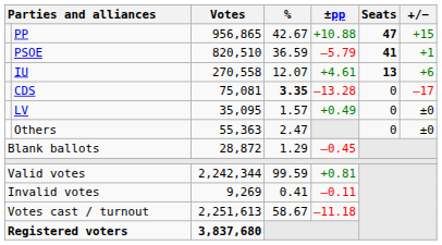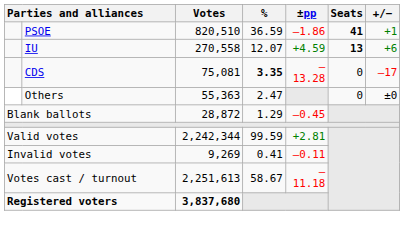 <table class="wikitable" style="text-align:right;">
 <tr>
 <th style="text-align:left;" colspan="2" width="200">Parties and alliances</th>
 <th width="75">Votes</th>
 <th width="45">%</th>
 <th width="45">±<a href='#'>pp</a></th>
 <th width="35">Seats</th>
 <th width="35">+/−</th>
 </tr>
 <tr>
-<td width="1" style="color:inherit;background:"></td>
-<td align="left"><a href='#'>PP</a></td>
-<td>956,865</td>
-<td>42.67</td>
-<td style="color:green;">+10.88</td>
-<td><strong>47</strong></td>
-<td style="color:green;">+15</td>
-</tr>
-<tr>
 <td style="color:inherit;background:"></td>
 <td align="left"><a href='#'>PSOE</a></td>
 <td>820,510</td>
 <td>36.59</td>
-<td style="color:red;">–5.79</td>
+<td style="color:red;">–1.86</td>
 <td><strong>41</strong></td>
 <td style="color:green;">+1</td>
 </tr>
 <tr>
 <td style="color:inherit;background:"></td>
 <td align="left"><a href='#'>IU</a></td>
 <td>270,558</td>
 <td>12.07</td>
-<td style="color:green;">+4.61</td>
+<td style="color:green;">+4.59</td>
 <td><strong>13</strong></td>
 <td style="color:green;">+6</td>
 </tr>
 <tr>
 <td style="color:inherit;background:"></td>
 <td align="left"><a href='#'>CDS</a></td>
 <td>75,081</td>
 <td><strong>3.35</strong></td>
 <td style="color:red;">–13.28</td>
 <td>0</td>
 <td style="color:red;">–17</td>
-</tr>
-<tr>
-<td style="color:inherit;background:"></td>
-<td align="left"><a href='#'>LV</a></td>
-<td>35,095</td>
-<td>1.57</td>
-<td style="color:green;">+0.49</td>
-<td>0</td>
-<td>±0</td>
 </tr>
 <tr>
 <td bgcolor="white"></td>
 <td align="left">Others</td>
 <td>55,363</td>
 <td>2.47</td>
 <td bgcolor="#E9E9E9"></td>
 <td>0</td>
 <td>±0</td>
 </tr>
 <tr>
 <td align="left" colspan="2">Blank ballots</td>
 <td>28,872</td>
 <td>1.29</td>
 <td style="color:red;">–0.45</td>
 <td bgcolor="#E9E9E9" colspan="2"></td>
 </tr>
 <tr>
 <td colspan="7" bgcolor="#E9E9E9"></td>
 </tr>
 <tr>
 <td align="left" colspan="2">Valid votes</td>
 <td>2,242,344</td>
 <td>99.59</td>
-<td style="color:green;">+0.81</td>
+<td style="color:green;">+2.81</td>
 <td bgcolor="#E9E9E9" colspan="2" rowspan="4"></td>
 </tr>
 <tr>
 <td align="left" colspan="2">Invalid votes</td>
 <td>9,269</td>
 <td>0.41</td>
 <td style="color:red;">–0.11</td>
 </tr>
 <tr>
 <td align="left" colspan="2">Votes cast / turnout</td>
 <td>2,251,613</td>
 <td>58.67</td>
 <td style="color:red;">–11.18</td>
 </tr>
 <tr style="font-weight:bold;">
 <td align="left" colspan="2">Registered voters</td>
 <td>3,837,680</td>
 <td bgcolor="#E9E9E9" colspan="2"></td>
 </tr>
 </table>
